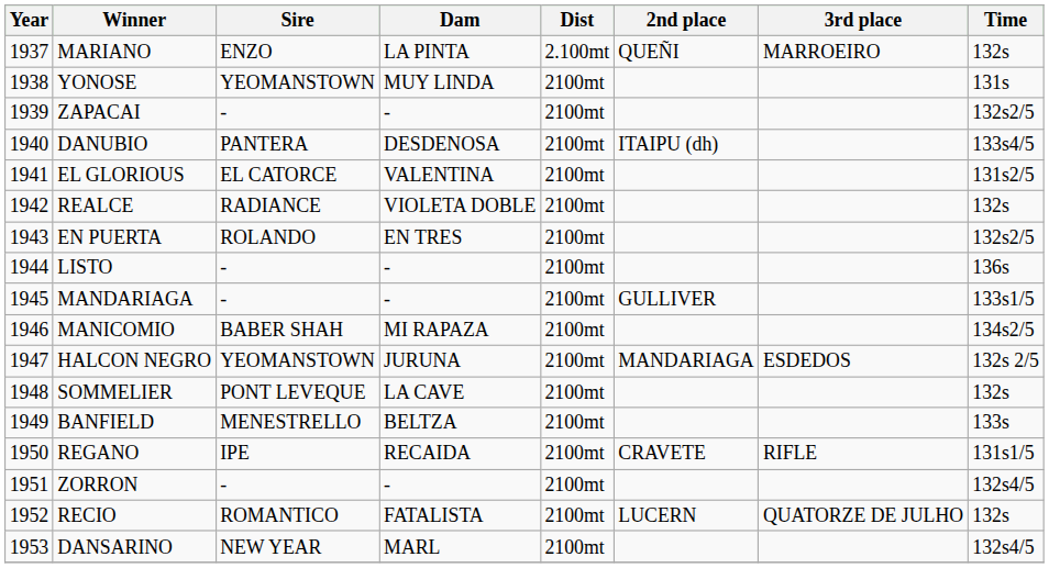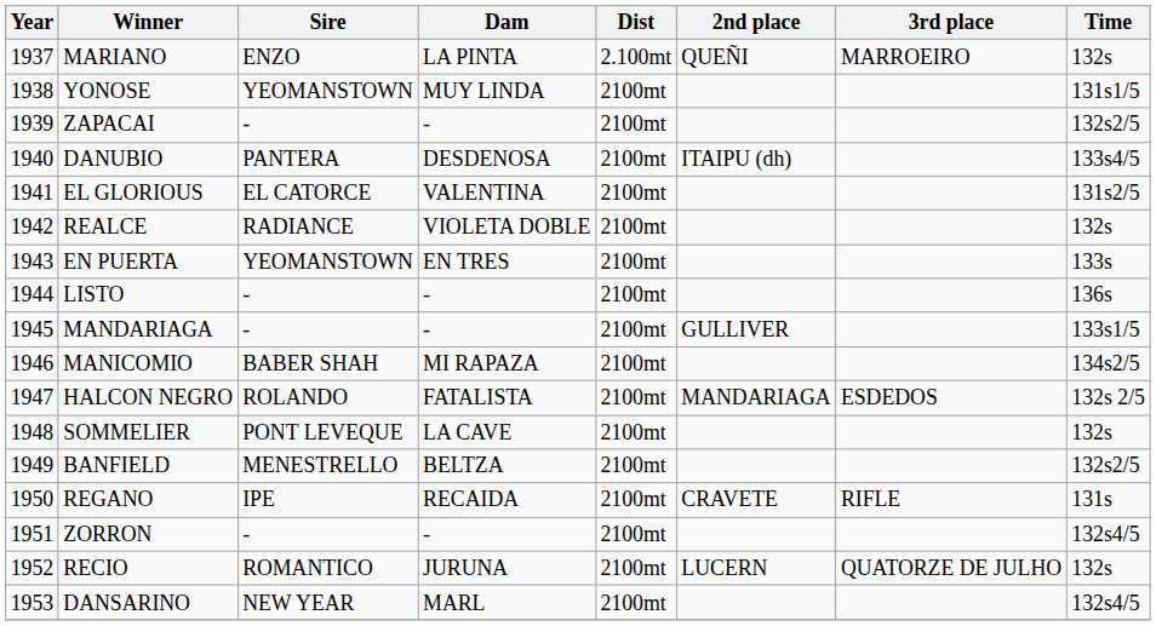 <table class = "sortable wikitable">
 <tr style="background:#7d7; text-align:center;">
 <th>Year</th>
 <th>Winner</th>
 <th>Sire</th>
 <th>Dam</th>
 <th style="white-space:nowrap">Dist</th>
 <th>2nd place</th>
 <th>3rd place</th>
 <th>Time</th>
 </tr>
 <tr>
 <td>1937</td>
 <td>MARIANO</td>
 <td>ENZO</td>
 <td>LA PINTA</td>
 <td>2.100mt</td>
 <td>QUEÑI</td>
 <td>MARROEIRO</td>
 <td>132s</td>
 </tr>
 <tr>
 <td>1938</td>
 <td>YONOSE</td>
 <td>YEOMANSTOWN</td>
 <td>MUY LINDA</td>
 <td>2100mt</td>
 <td></td>
 <td></td>
-<td>131s</td>
+<td>131s1/5</td>
 </tr>
 <tr>
 <td>1939</td>
 <td>ZAPACAI</td>
 <td>-</td>
 <td>-</td>
 <td>2100mt</td>
 <td></td>
 <td></td>
 <td>132s2/5</td>
 </tr>
 <tr>
 <td>1940</td>
 <td>DANUBIO</td>
 <td>PANTERA</td>
 <td>DESDENOSA</td>
 <td>2100mt</td>
 <td>ITAIPU (dh)</td>
 <td></td>
 <td>133s4/5</td>
 </tr>
 <tr>
 <td>1941</td>
 <td>EL GLORIOUS</td>
 <td>EL CATORCE</td>
 <td>VALENTINA</td>
 <td>2100mt</td>
 <td></td>
 <td></td>
 <td>131s2/5</td>
 </tr>
 <tr>
 <td>1942</td>
 <td>REALCE</td>
 <td>RADIANCE</td>
 <td>VIOLETA DOBLE</td>
 <td>2100mt</td>
 <td></td>
 <td></td>
 <td>132s</td>
 </tr>
 <tr>
 <td>1943</td>
 <td>EN PUERTA</td>
-<td>ROLANDO</td>
+<td>YEOMANSTOWN</td>
 <td>EN TRES</td>
 <td>2100mt</td>
 <td></td>
 <td></td>
-<td>132s2/5</td>
+<td>133s</td>
 </tr>
 <tr>
 <td>1944</td>
 <td>LISTO</td>
 <td>-</td>
 <td>-</td>
 <td>2100mt</td>
 <td></td>
 <td></td>
 <td>136s</td>
 </tr>
 <tr>
 <td>1945</td>
 <td>MANDARIAGA</td>
 <td>-</td>
 <td>-</td>
 <td>2100mt</td>
 <td>GULLIVER</td>
 <td></td>
 <td>133s1/5</td>
 </tr>
 <tr>
 <td>1946</td>
 <td>MANICOMIO</td>
 <td>BABER SHAH</td>
 <td>MI RAPAZA</td>
 <td>2100mt</td>
 <td></td>
 <td></td>
 <td>134s2/5</td>
 </tr>
 <tr>
 <td>1947</td>
 <td>HALCON NEGRO</td>
-<td>YEOMANSTOWN</td>
-<td>JURUNA</td>
+<td>ROLANDO</td>
+<td>FATALISTA</td>
 <td>2100mt</td>
 <td>MANDARIAGA</td>
 <td>ESDEDOS</td>
 <td>132s 2/5</td>
 </tr>
 <tr>
 <td>1948</td>
 <td>SOMMELIER</td>
 <td>PONT LEVEQUE</td>
 <td>LA CAVE</td>
 <td>2100mt</td>
 <td></td>
 <td></td>
 <td>132s</td>
 </tr>
 <tr>
 <td>1949</td>
 <td>BANFIELD</td>
 <td>MENESTRELLO</td>
 <td>BELTZA</td>
 <td>2100mt</td>
 <td></td>
 <td></td>
-<td>133s</td>
+<td>132s2/5</td>
 </tr>
 <tr>
 <td>1950</td>
 <td>REGANO</td>
 <td>IPE</td>
 <td>RECAIDA</td>
 <td>2100mt</td>
 <td>CRAVETE</td>
 <td>RIFLE</td>
-<td>131s1/5</td>
+<td>131s</td>
 </tr>
 <tr>
 <td>1951</td>
 <td>ZORRON</td>
 <td>-</td>
 <td>-</td>
 <td>2100mt</td>
 <td></td>
 <td></td>
 <td>132s4/5</td>
 </tr>
 <tr>
 <td>1952</td>
 <td>RECIO</td>
 <td>ROMANTICO</td>
-<td>FATALISTA</td>
+<td>JURUNA</td>
 <td>2100mt</td>
 <td>LUCERN</td>
 <td>QUATORZE DE JULHO</td>
 <td>132s</td>
 </tr>
 <tr>
 <td>1953</td>
 <td>DANSARINO</td>
 <td>NEW YEAR</td>
 <td>MARL</td>
 <td>2100mt</td>
 <td></td>
 <td></td>
 <td>132s4/5</td>
 </tr>
 <tr>
 </tr>
 </table>
